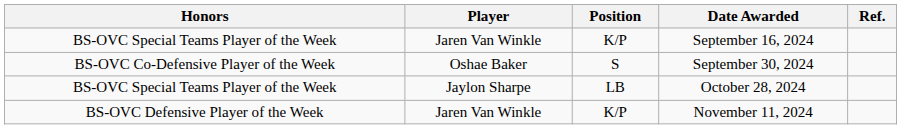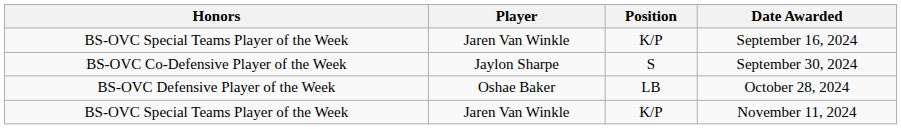 <table class="wikitable" style="width: 60%;text-align: center;">
 <tr>
 <th>Honors</th>
 <th>Player</th>
 <th>Position</th>
 <th>Date Awarded</th>
-<th>Ref.</th>
 </tr>
 <tr align="center">
 <td nowrap>BS-OVC Special Teams Player of the Week</td>
 <td>Jaren Van Winkle</td>
 <td>K/P</td>
 <td>September 16, 2024</td>
-<td></td>
 </tr>
 <tr align="center">
 <td nowrap>BS-OVC Co-Defensive Player of the Week</td>
-<td>Oshae Baker</td>
+<td>Jaylon Sharpe</td>
 <td>S</td>
 <td>September 30, 2024</td>
-<td></td>
+</tr>
+<tr align="center">
+<td nowrap>BS-OVC Defensive Player of the Week</td>
+<td>Oshae Baker</td>
+<td>LB</td>
+<td>October 28, 2024</td>
 </tr>
 <tr align="center">
 <td rowspan="1">BS-OVC Special Teams Player of the Week</td>
-<td>Jaylon Sharpe</td>
-<td>LB</td>
-<td>October 28, 2024</td>
-<td></td>
-</tr>
-<tr align="center">
-<td nowrap>BS-OVC Defensive Player of the Week</td>
 <td>Jaren Van Winkle</td>
 <td>K/P</td>
 <td>November 11, 2024</td>
-<td></td>
 </tr>
 </table>
